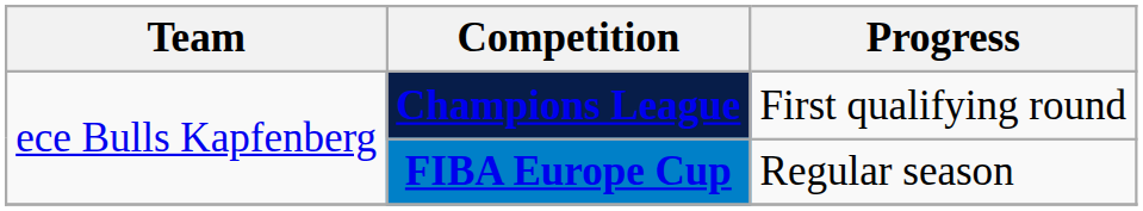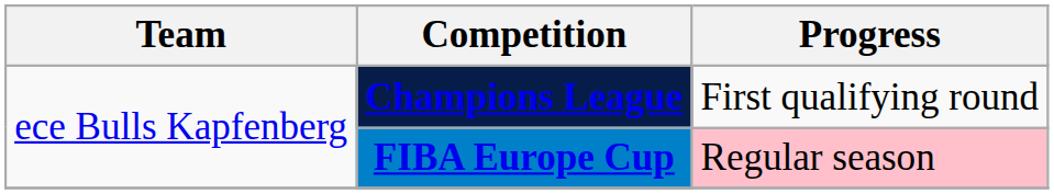 <table class="wikitable sortable">
 <tr>
 <th>Team</th>
 <th>Competition</th>
 <th>Progress</th>
 </tr>
 <tr>
 <td rowspan=2><a href='#'>ece Bulls Kapfenberg</a></td>
 <td style="background-color:#071D49;color:#D0D3D4;text-align:center"><strong><a href='#'><span>Champions League</span></a></strong></td>
 <td>First qualifying round</td>
 </tr>
 <tr>
 <td style="background-color:#0080C8;color:white;text-align:center"><strong><a href='#'><span>FIBA Europe Cup</span></a></strong></td>
-<td>Regular season</td>
+<td style="background: pink;">Regular season</td>
 </tr>
 <tr>
 </tr>
 </table>
